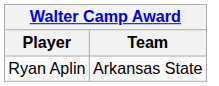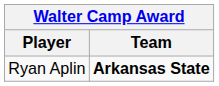 <table class="wikitable" style="text-align: center;">
 <tr>
 <th colspan="2"><strong><a href='#'>Walter Camp Award</a></strong></th>
 </tr>
 <tr>
 <th>Player</th>
 <th>Team</th>
 </tr>
 <tr>
 <td>Ryan Aplin</td>
-<td>Arkansas State</td>
+<td><strong>Arkansas State</strong></td>
 </tr>
 </table>
